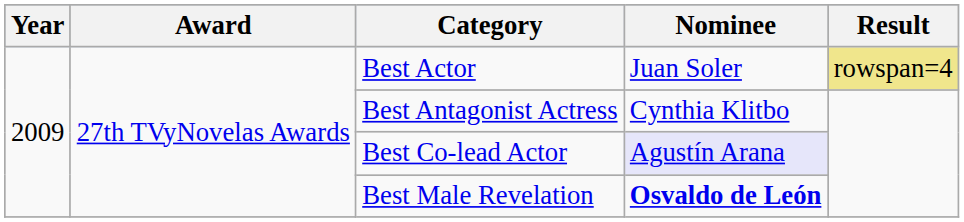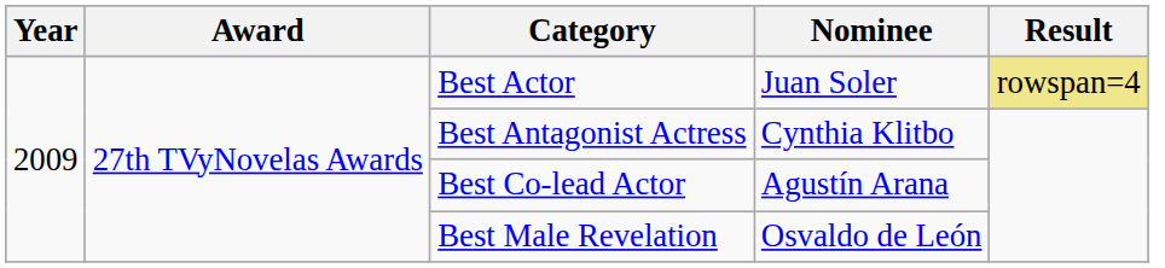 <table class="wikitable">
 <tr style="background:#b0c4de;">
 <th>Year</th>
 <th>Award</th>
 <th>Category</th>
 <th>Nominee</th>
 <th>Result</th>
 </tr>
 <tr>
 <td rowspan=4>2009</td>
 <td rowspan=4><a href='#'>27th TVyNovelas Awards</a></td>
 <td><a href='#'>Best Actor</a></td>
 <td><a href='#'>Juan Soler</a></td>
 <td style="background: khaki;">rowspan=4 </td>
 </tr>
 <tr>
 <td><a href='#'>Best Antagonist Actress</a></td>
 <td><a href='#'>Cynthia Klitbo</a></td>
 </tr>
 <tr>
 <td><a href='#'>Best Co-lead Actor</a></td>
-<td style="background: lavender;"><a href='#'>Agustín Arana</a></td>
+<td><a href='#'>Agustín Arana</a></td>
 </tr>
 <tr>
 <td><a href='#'>Best Male Revelation</a></td>
-<td><strong><a href='#'>Osvaldo de León</a></strong></td>
+<td><a href='#'>Osvaldo de León</a></td>
 </tr>
 </table>
